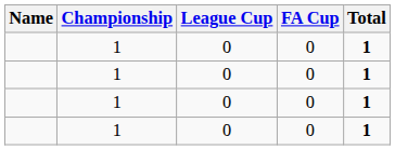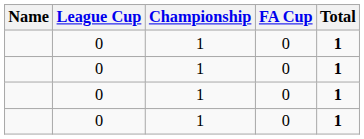 <table class="wikitable sortable" style="text-align:center">
 <tr>
 <th>Name</th>
+<th><a href='#'>League Cup</a></th>
 <th><a href='#'>Championship</a></th>
-<th><a href='#'>League Cup</a></th>
 <th><a href='#'>FA Cup</a></th>
 <th>Total</th>
 </tr>
 <tr>
 <td></td>
+<td>0</td>
 <td>1</td>
-<td>0</td>
 <td>0</td>
 <td> <strong>1</strong></td>
 </tr>
 <tr>
 <td></td>
+<td>0</td>
 <td>1</td>
-<td>0</td>
 <td>0</td>
 <td> <strong>1</strong></td>
 </tr>
 <tr>
 <td></td>
+<td>0</td>
 <td>1</td>
-<td>0</td>
 <td>0</td>
 <td> <strong>1</strong></td>
 </tr>
 <tr>
 <td></td>
+<td>0</td>
 <td>1</td>
-<td>0</td>
 <td>0</td>
 <td> <strong>1</strong></td>
 </tr>
 </table>
